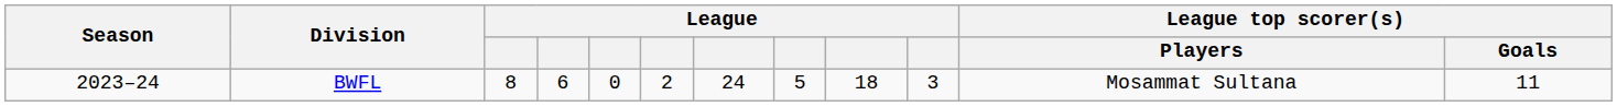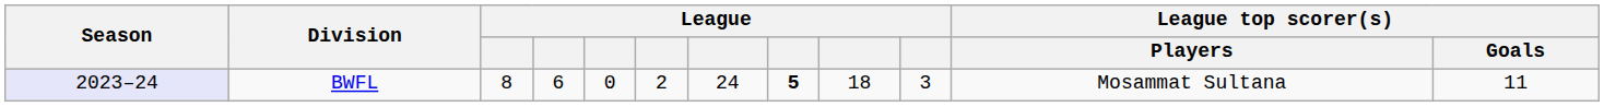 <table class="wikitable sortable" style="text-align: center; font-size: 95%; width: 1000px"">
 <tr>
 <th rowspan="2">Season</th>
 <th rowspan="2"><strong>Division</strong></th>
 <th colspan="8">League</th>
 <th colspan="2">League top scorer(s)</th>
 </tr>
 <tr>
 <th></th>
 <th></th>
 <th></th>
 <th></th>
 <th></th>
 <th></th>
 <th></th>
 <th></th>
 <th>Players</th>
 <th>Goals</th>
 </tr>
 <tr>
-<td>2023–24</td>
+<td style="background: lavender;">2023–24</td>
 <td><a href='#'>BWFL</a></td>
 <td>8</td>
 <td>6</td>
 <td>0</td>
 <td>2</td>
 <td>24</td>
-<td>5</td>
+<td><strong>5</strong></td>
 <td>18</td>
 <td>3</td>
 <td> Mosammat Sultana</td>
 <td>11</td>
 </tr>
 </table>
